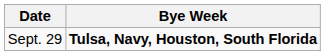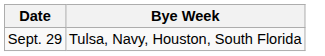 <table class="wikitable" style="font-size:95%;">
 <tr>
 <th>Date</th>
 <th>Bye Week</th>
 </tr>
 <tr>
 <td>Sept. 29</td>
-<td><strong>Tulsa, Navy, Houston, South Florida</strong></td>
+<td>Tulsa, Navy, Houston, South Florida</td>
 </tr>
 </table>
